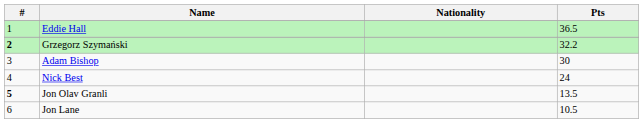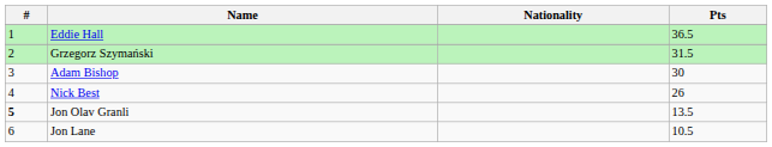 <table class="wikitable" style="display: inline-table; width: 50%;">
 <tr>
 <th>#</th>
 <th>Name</th>
 <th>Nationality</th>
 <th>Pts</th>
 </tr>
 <tr>
 </tr>
 <tr bgcolor=bbf3bb>
 <td>1</td>
 <td><a href='#'>Eddie Hall</a></td>
 <td></td>
 <td>36.5</td>
 </tr>
 <tr>
 </tr>
 <tr bgcolor=bbf3bb>
-<td><strong>2</strong></td>
+<td>2</td>
 <td>Grzegorz Szymański</td>
 <td></td>
-<td>32.2</td>
+<td>31.5</td>
 </tr>
 <tr>
 <td>3</td>
 <td><a href='#'>Adam Bishop</a></td>
 <td></td>
 <td>30</td>
 </tr>
 <tr>
 <td>4</td>
 <td><a href='#'>Nick Best</a></td>
 <td></td>
-<td>24</td>
+<td>26</td>
 </tr>
 <tr>
 <td><strong>5</strong></td>
 <td>Jon Olav Granli</td>
 <td></td>
 <td>13.5</td>
 </tr>
 <tr>
 <td>6</td>
 <td>Jon Lane</td>
 <td></td>
 <td>10.5</td>
 </tr>
 </table>
